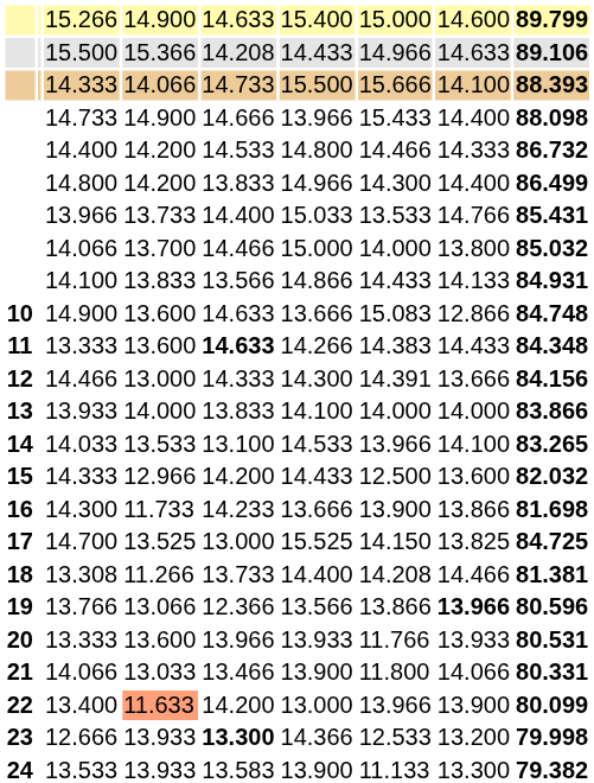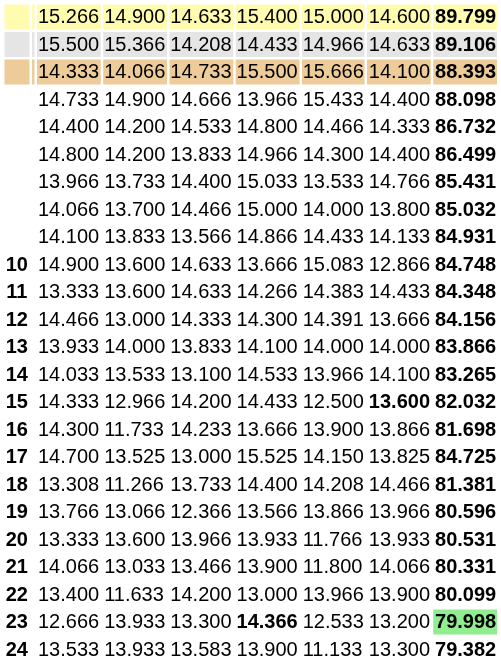 <table>
 <tr style="background:#fffcaf;">
 <th scope=row style="text-align:center"></th>
 <td align=left></td>
 <td>15.266</td>
 <td>14.900</td>
 <td>14.633</td>
 <td>15.400</td>
 <td>15.000</td>
 <td>14.600</td>
 <td><strong>89.799</strong></td>
 </tr>
 <tr style="background:#e5e5e5;">
 <th scope=row style="text-align:center"></th>
 <td align=left></td>
 <td>15.500</td>
 <td>15.366</td>
 <td>14.208</td>
 <td>14.433</td>
 <td>14.966</td>
 <td>14.633</td>
 <td><strong>89.106</strong></td>
 </tr>
 <tr style="background:#ec9;">
 <th scope=row style="text-align:center"></th>
 <td align=left></td>
 <td>14.333</td>
 <td>14.066</td>
 <td>14.733</td>
 <td>15.500</td>
 <td>15.666</td>
 <td>14.100</td>
 <td><strong>88.393</strong></td>
 </tr>
 <tr>
 <th scope=row style="text-align:center"></th>
 <td align=left></td>
 <td>14.733</td>
 <td>14.900</td>
 <td>14.666</td>
 <td>13.966</td>
 <td>15.433</td>
 <td>14.400</td>
 <td><strong>88.098</strong></td>
 </tr>
 <tr>
 <th scope=row style="text-align:center"></th>
 <td align=left></td>
 <td>14.400</td>
 <td>14.200</td>
 <td>14.533</td>
 <td>14.800</td>
 <td>14.466</td>
 <td>14.333</td>
 <td><strong>86.732</strong></td>
 </tr>
 <tr>
 <th scope=row style="text-align:center"></th>
 <td align=left></td>
 <td>14.800</td>
 <td>14.200</td>
 <td>13.833</td>
 <td>14.966</td>
 <td>14.300</td>
 <td>14.400</td>
 <td><strong>86.499</strong></td>
 </tr>
 <tr>
 <th scope=row style="text-align:center"></th>
 <td align=left></td>
 <td>13.966</td>
 <td>13.733</td>
 <td>14.400</td>
 <td>15.033</td>
 <td>13.533</td>
 <td>14.766</td>
 <td><strong>85.431</strong></td>
 </tr>
 <tr>
 <th scope=row style="text-align:center"></th>
 <td align=left></td>
 <td>14.066</td>
 <td>13.700</td>
 <td>14.466</td>
 <td>15.000</td>
 <td>14.000</td>
 <td>13.800</td>
 <td><strong>85.032</strong></td>
 </tr>
 <tr>
 <th scope=row style="text-align:center"></th>
 <td align=left></td>
 <td>14.100</td>
 <td>13.833</td>
 <td>13.566</td>
 <td>14.866</td>
 <td>14.433</td>
 <td>14.133</td>
 <td><strong>84.931</strong></td>
 </tr>
 <tr>
 <th scope=row style="text-align:center">10</th>
 <td align=left></td>
 <td>14.900</td>
 <td>13.600</td>
 <td>14.633</td>
 <td>13.666</td>
 <td>15.083</td>
 <td>12.866</td>
 <td><strong>84.748</strong></td>
 </tr>
 <tr>
 <th scope=row style="text-align:center">11</th>
 <td align=left></td>
 <td>13.333</td>
 <td>13.600</td>
-<td><strong>14.633</strong></td>
+<td>14.633</td>
 <td>14.266</td>
 <td>14.383</td>
 <td>14.433</td>
 <td><strong>84.348</strong></td>
 </tr>
 <tr>
 <th scope=row style="text-align:center">12</th>
 <td align=left></td>
 <td>14.466</td>
 <td>13.000</td>
 <td>14.333</td>
 <td>14.300</td>
 <td>14.391</td>
 <td>13.666</td>
 <td><strong>84.156</strong></td>
 </tr>
 <tr>
 <th scope=row style="text-align:center">13</th>
 <td align=left></td>
 <td>13.933</td>
 <td>14.000</td>
 <td>13.833</td>
 <td>14.100</td>
 <td>14.000</td>
 <td>14.000</td>
 <td><strong>83.866</strong></td>
 </tr>
 <tr>
 <th scope=row style="text-align:center">14</th>
 <td align=left></td>
 <td>14.033</td>
 <td>13.533</td>
 <td>13.100</td>
 <td>14.533</td>
 <td>13.966</td>
 <td>14.100</td>
 <td><strong>83.265</strong></td>
 </tr>
 <tr>
 <th scope=row style="text-align:center">15</th>
 <td align=left></td>
 <td>14.333</td>
 <td>12.966</td>
 <td>14.200</td>
 <td>14.433</td>
 <td>12.500</td>
-<td>13.600</td>
+<td><strong>13.600</strong></td>
 <td><strong>82.032</strong></td>
 </tr>
 <tr>
 <th scope=row style="text-align:center">16</th>
 <td align=left></td>
 <td>14.300</td>
 <td>11.733</td>
 <td>14.233</td>
 <td>13.666</td>
 <td>13.900</td>
 <td>13.866</td>
 <td><strong>81.698</strong></td>
 </tr>
 <tr>
 <th scope=row style="text-align:center">17</th>
 <td align=left></td>
 <td>14.700</td>
 <td>13.525</td>
 <td>13.000</td>
 <td>15.525</td>
 <td>14.150</td>
 <td>13.825</td>
 <td><strong>84.725</strong></td>
 </tr>
 <tr>
 <th scope=row style="text-align:center">18</th>
 <td align=left></td>
 <td>13.308</td>
 <td>11.266</td>
 <td>13.733</td>
 <td>14.400</td>
 <td>14.208</td>
 <td>14.466</td>
 <td><strong>81.381</strong></td>
 </tr>
 <tr>
 <th scope=row style="text-align:center">19</th>
 <td align=left></td>
 <td>13.766</td>
 <td>13.066</td>
 <td>12.366</td>
 <td>13.566</td>
 <td>13.866</td>
-<td><strong>13.966</strong></td>
+<td>13.966</td>
 <td><strong>80.596</strong></td>
 </tr>
 <tr>
 <th scope=row style="text-align:center">20</th>
 <td align=left></td>
 <td>13.333</td>
 <td>13.600</td>
 <td>13.966</td>
 <td>13.933</td>
 <td>11.766</td>
 <td>13.933</td>
 <td><strong>80.531</strong></td>
 </tr>
 <tr>
 <th scope=row style="text-align:center">21</th>
 <td align=left></td>
 <td>14.066</td>
 <td>13.033</td>
 <td>13.466</td>
 <td>13.900</td>
 <td>11.800</td>
 <td>14.066</td>
 <td><strong>80.331</strong></td>
 </tr>
 <tr>
 <th scope=row style="text-align:center">22</th>
 <td align=left></td>
 <td>13.400</td>
-<td style="background: lightsalmon;">11.633</td>
+<td>11.633</td>
 <td>14.200</td>
 <td>13.000</td>
 <td>13.966</td>
 <td>13.900</td>
 <td><strong>80.099</strong></td>
 </tr>
 <tr>
 <th scope=row style="text-align:center">23</th>
 <td align=left></td>
 <td>12.666</td>
 <td>13.933</td>
-<td><strong>13.300</strong></td>
-<td>14.366</td>
+<td>13.300</td>
+<td><strong>14.366</strong></td>
 <td>12.533</td>
 <td>13.200</td>
-<td><strong>79.998</strong></td>
+<td style="background: lightgreen;"><strong>79.998</strong></td>
 </tr>
 <tr>
 <th scope=row style="text-align:center">24</th>
 <td align=left></td>
 <td>13.533</td>
 <td>13.933</td>
 <td>13.583</td>
 <td>13.900</td>
 <td>11.133</td>
 <td>13.300</td>
 <td><strong>79.382</strong></td>
 </tr>
 </table>
